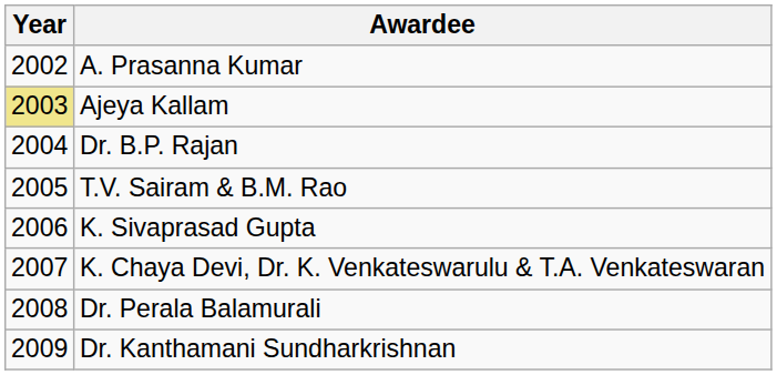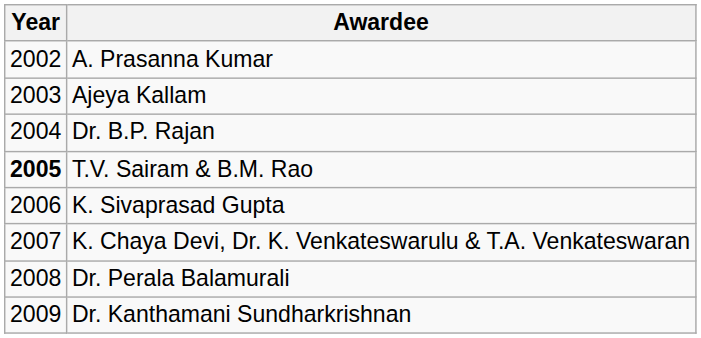 <table class="wikitable">
 <tr>
 <th>Year</th>
 <th>Awardee</th>
 </tr>
 <tr>
 <td>2002</td>
 <td>A. Prasanna Kumar</td>
 </tr>
 <tr>
-<td style="background: khaki;">2003</td>
+<td>2003</td>
 <td>Ajeya Kallam</td>
 </tr>
 <tr>
 <td>2004</td>
 <td>Dr. B.P. Rajan</td>
 </tr>
 <tr>
-<td>2005</td>
+<td><strong>2005</strong></td>
 <td>T.V. Sairam & B.M. Rao</td>
 </tr>
 <tr>
 <td>2006</td>
 <td>K. Sivaprasad Gupta</td>
 </tr>
 <tr>
 <td>2007</td>
 <td>K. Chaya Devi, Dr. K. Venkateswarulu & T.A. Venkateswaran</td>
 </tr>
 <tr>
 <td>2008</td>
 <td>Dr. Perala Balamurali</td>
 </tr>
 <tr>
 <td>2009</td>
 <td>Dr. Kanthamani Sundharkrishnan</td>
 </tr>
 </table>
